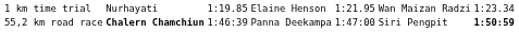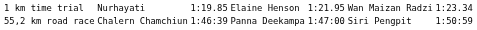 <table>
 <tr>
 <td>1 km time trial</td>
 <td> Nurhayati</td>
 <td>1:19.85</td>
 <td> Elaine Henson</td>
 <td>1:21.95</td>
 <td> Wan Maizan Radzi</td>
 <td>1:23.34</td>
 </tr>
 <tr>
 <td>55,2 km road race</td>
-<td><strong> Chalern Chamchiun</strong></td>
+<td> Chalern Chamchiun</td>
 <td>1:46:39</td>
 <td> Panna Deekampa</td>
 <td>1:47:00</td>
 <td> Siri Pengpit</td>
-<td><strong>1:50:59</strong></td>
+<td>1:50:59</td>
 </tr>
 </table>
